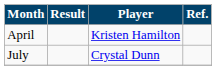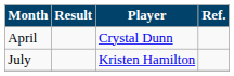 <table class=wikitable>
 <tr>
 <th style="background:#01426A; color:white;">Month</th>
 <th style="background:#01426A; color:white;">Result</th>
 <th style="background:#01426A; color:white;">Player</th>
 <th style="background:#01426A; color:white;">Ref.</th>
 </tr>
 <tr>
 <td>April</td>
 <td></td>
-<td> <a href='#'>Kristen Hamilton</a></td>
+<td> <a href='#'>Crystal Dunn</a></td>
 <td></td>
 </tr>
 <tr>
 <td>July</td>
 <td></td>
-<td> <a href='#'>Crystal Dunn</a></td>
+<td> <a href='#'>Kristen Hamilton</a></td>
 <td></td>
 </tr>
 <tr>
 </tr>
 </table>
